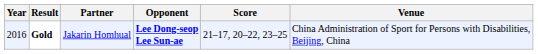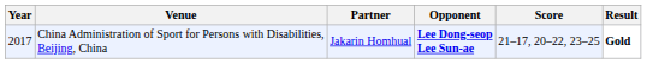 <table class="sortable wikitable" style="font-size: 90%;">
 <tr>
 <th>Year</th>
-<th>Result</th>
+<th>Venue</th>
 <th>Partner</th>
 <th>Opponent</th>
 <th>Score</th>
-<th>Venue</th>
+<th>Result</th>
 </tr>
 <tr style="background:#ECF2FF">
-<td align="center">2016</td>
-<td style="text-align:left; background:white"> <strong>Gold</strong></td>
+<td align="center">2017</td>
+<td align="left">China Administration of Sport for Persons with Disabilities,<br><a href='#'>Beijing</a>, China</td>
 <td align="left"> <a href='#'>Jakarin Homhual</a></td>
 <td align="left"><strong> <a href='#'>Lee Dong-seop</a> <br>  <a href='#'>Lee Sun-ae</a></strong></td>
 <td align="left">21–17, 20–22, 23–25</td>
-<td align="left">China Administration of Sport for Persons with Disabilities,<br><a href='#'>Beijing</a>, China</td>
+<td style="text-align:left; background:white"> <strong>Gold</strong></td>
 </tr>
 </table>
